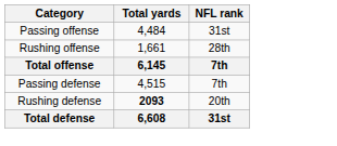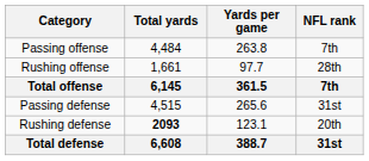 <table class="wikitable" style="text-align:center">
 <tr>
 <th width="150">Category</th>
 <th width="100">Total yards</th>
+<th width="110">Yards per game</th>
 <th width="80">NFL rank<br></th>
 </tr>
 <tr>
 <td>Passing offense</td>
 <td>4,484</td>
-<td>31st</td>
+<td>263.8</td>
+<td>7th</td>
 </tr>
 <tr>
 <td>Rushing offense</td>
 <td>1,661</td>
+<td>97.7</td>
 <td>28th</td>
 </tr>
 <tr>
 <th>Total offense</th>
 <th>6,145</th>
+<th>361.5</th>
 <th>7th</th>
 </tr>
 <tr>
 <td>Passing defense</td>
 <td>4,515</td>
-<td>7th</td>
+<td>265.6</td>
+<td>31st</td>
 </tr>
 <tr>
 <td>Rushing defense</td>
 <td><strong>2093</strong></td>
+<td>123.1</td>
 <td>20th</td>
 </tr>
 <tr>
 <th>Total defense</th>
 <th>6,608</th>
+<th>388.7</th>
 <th>31st</th>
 </tr>
 </table>
